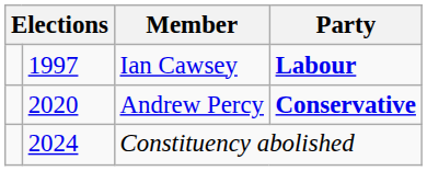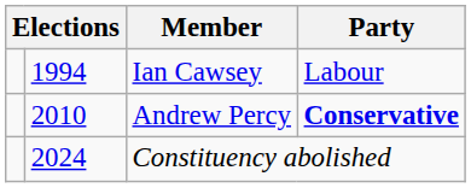 <table class="wikitable">
 <tr>
 <th colspan="2">Elections</th>
 <th>Member</th>
 <th>Party</th>
 </tr>
 <tr>
 <td style="color:inherit;background-color: "></td>
-<td><a href='#'>1997</a></td>
+<td><a href='#'>1994</a></td>
 <td><a href='#'>Ian Cawsey</a></td>
-<td><strong><a href='#'>Labour</a></strong></td>
+<td><a href='#'>Labour</a></td>
 </tr>
 <tr>
 <td style="color:inherit;background-color: "></td>
-<td><a href='#'>2020</a></td>
+<td><a href='#'>2010</a></td>
 <td><a href='#'>Andrew Percy</a></td>
 <td><strong><a href='#'>Conservative</a></strong></td>
 </tr>
 <tr>
 <td></td>
 <td><a href='#'>2024</a></td>
 <td colspan="2"><em>Constituency abolished</em></td>
 </tr>
 </table>
